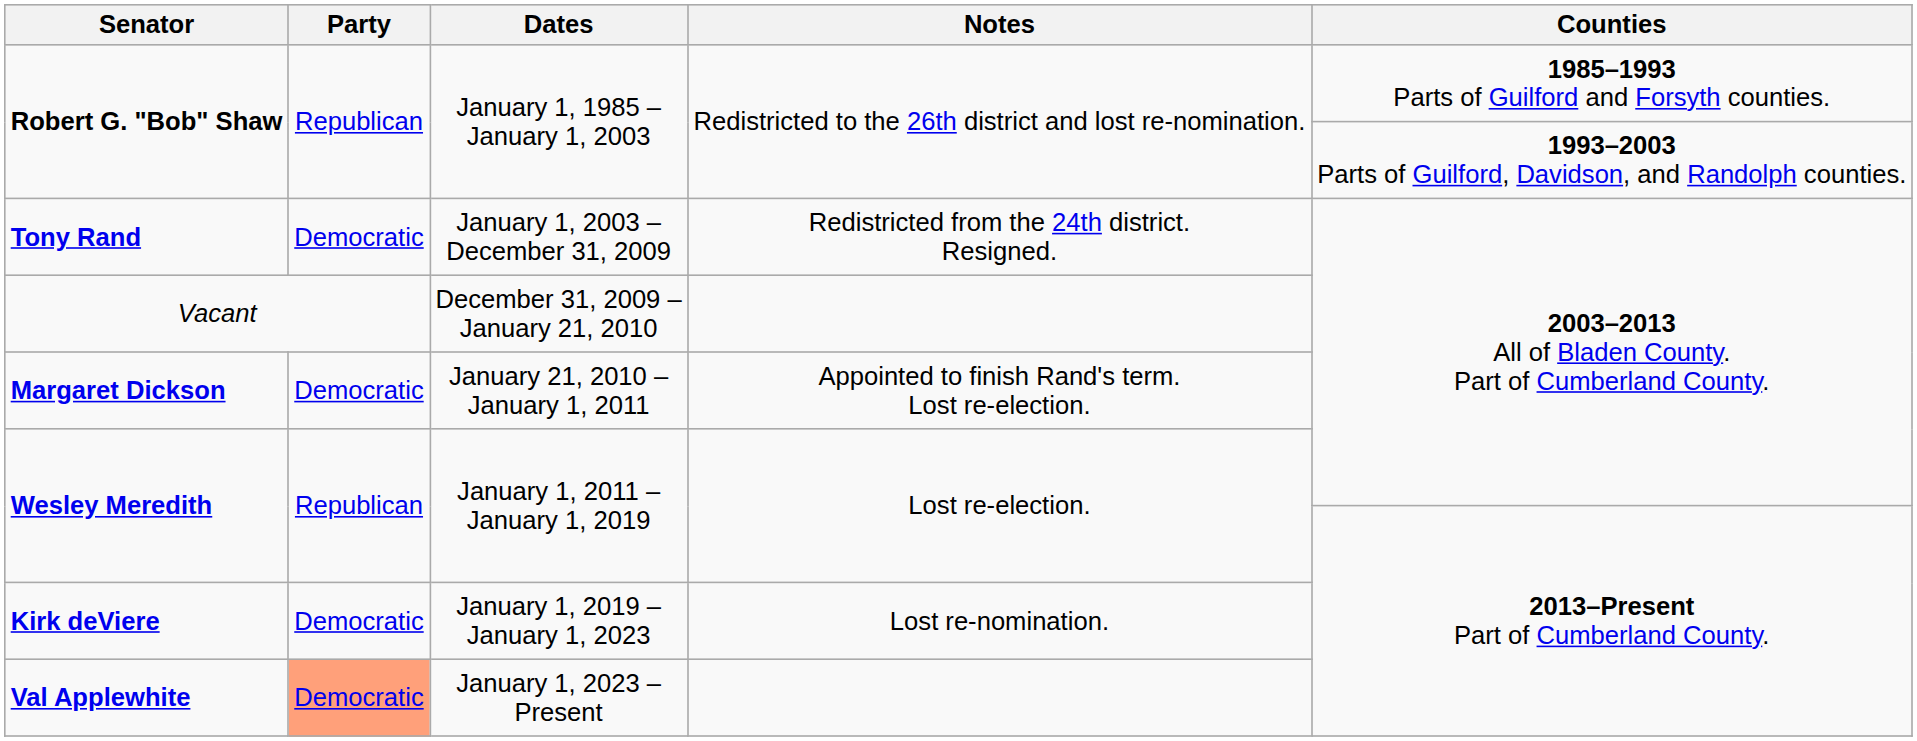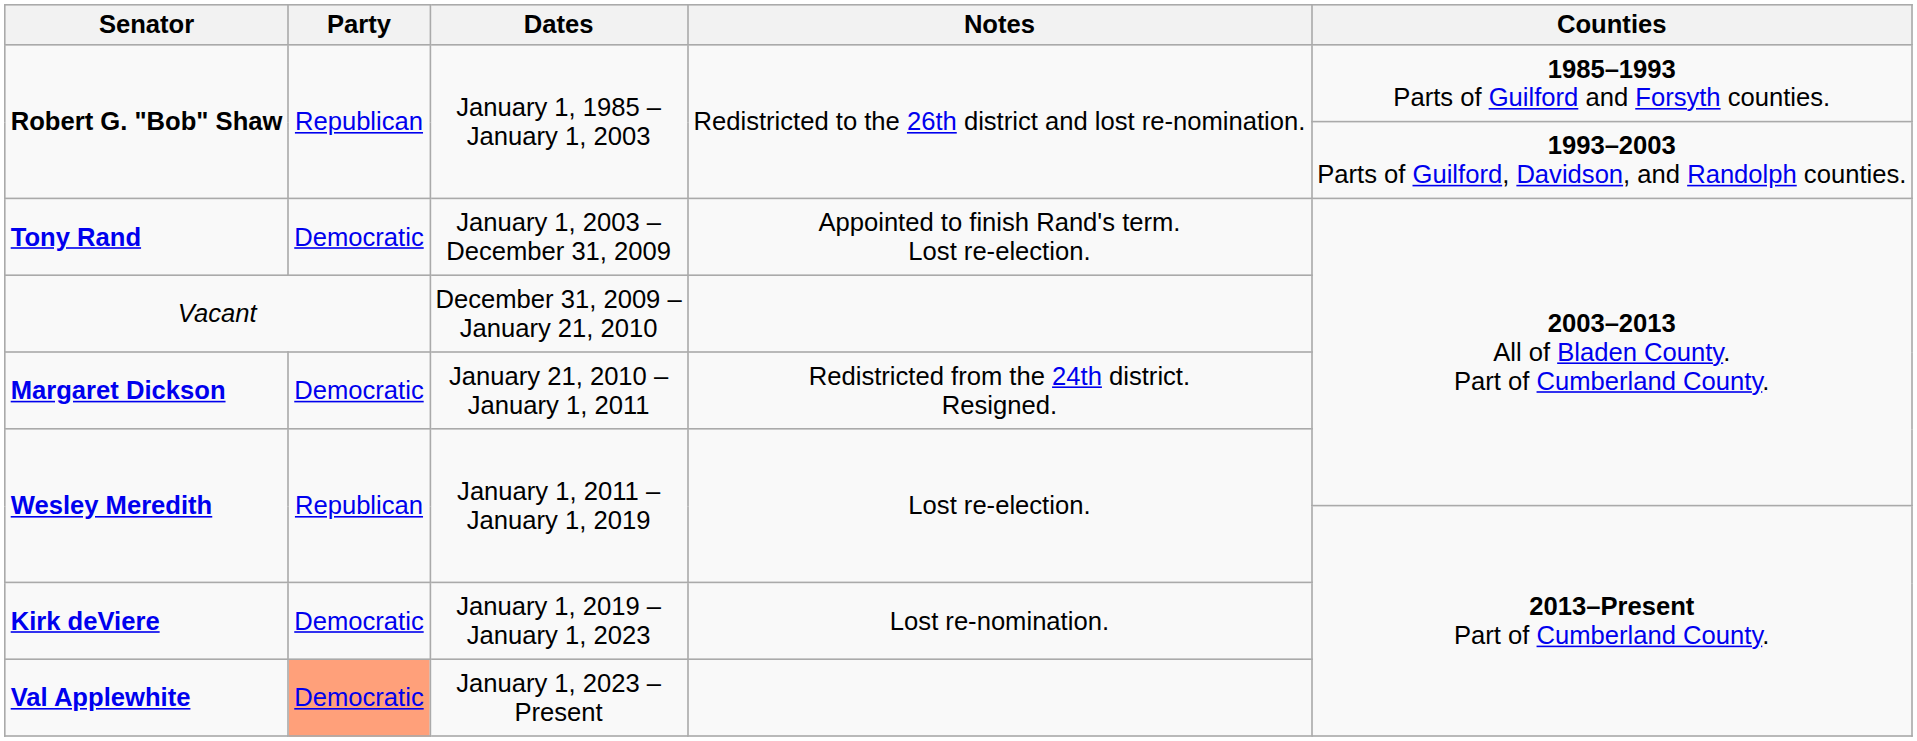 <table class=wikitable style="text-align:center">
 <tr>
 <th>Senator</th>
 <th>Party</th>
 <th>Dates</th>
 <th>Notes</th>
 <th>Counties</th>
 </tr>
 <tr style="height:3em">
 <td rowspan=2 align=left><strong>Robert G. "Bob" Shaw</strong></td>
 <td rowspan=2 ><a href='#'>Republican</a></td>
 <td rowspan=2 nowrap>January 1, 1985 – <br> January 1, 2003</td>
 <td rowspan=2>Redistricted to the <a href='#'>26th</a> district and lost re-nomination.</td>
 <td><strong>1985–1993</strong><br> Parts of <a href='#'>Guilford</a> and <a href='#'>Forsyth</a> counties.</td>
 </tr>
 <tr style="height:3em">
 <td><strong>1993–2003</strong><br> Parts of <a href='#'>Guilford</a>, <a href='#'>Davidson</a>, and <a href='#'>Randolph</a> counties.</td>
 </tr>
 <tr style="height:3em">
 <td align=left><strong><a href='#'>Tony Rand</a></strong></td>
 <td><a href='#'>Democratic</a></td>
 <td nowrap>January 1, 2003 – <br> December 31, 2009</td>
-<td>Redistricted from the <a href='#'>24th</a> district. <br> Resigned.</td>
+<td>Appointed to finish Rand's term. <br> Lost re-election.</td>
 <td rowspan=4><strong>2003–2013</strong><br> All of <a href='#'>Bladen County</a>. <br> Part of <a href='#'>Cumberland County</a>.</td>
 </tr>
 <tr style="height:3em">
 <td colspan=2><em>Vacant</em></td>
 <td nowrap>December 31, 2009 – <br> January 21, 2010</td>
 <td></td>
 </tr>
 <tr style="height:3em">
 <td align=left><strong><a href='#'>Margaret Dickson</a></strong></td>
 <td><a href='#'>Democratic</a></td>
 <td nowrap>January 21, 2010 – <br> January 1, 2011</td>
-<td>Appointed to finish Rand's term. <br> Lost re-election.</td>
+<td>Redistricted from the <a href='#'>24th</a> district. <br> Resigned.</td>
 </tr>
 <tr style="height:3em">
 <td rowspan=2 align=left><strong><a href='#'>Wesley Meredith</a></strong></td>
 <td rowspan=2 ><a href='#'>Republican</a></td>
 <td rowspan=2 nowrap>January 1, 2011 – <br> January 1, 2019</td>
 <td rowspan=2>Lost re-election.</td>
 </tr>
 <tr style="height:3em">
 <td rowspan=3><strong>2013–Present</strong><br> Part of <a href='#'>Cumberland County</a>.</td>
 </tr>
 <tr style="height:3em">
 <td align=left><strong><a href='#'>Kirk deViere</a></strong></td>
 <td><a href='#'>Democratic</a></td>
 <td nowrap>January 1, 2019 – <br> January 1, 2023</td>
 <td>Lost re-nomination.</td>
 </tr>
 <tr style="height:3em">
 <td align=left><strong><a href='#'>Val Applewhite</a></strong></td>
 <td style="background: lightsalmon;"><a href='#'>Democratic</a></td>
 <td nowrap>January 1, 2023 – <br> Present</td>
 <td></td>
 </tr>
 </table>
